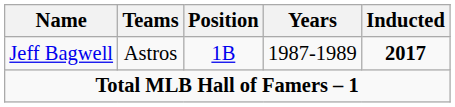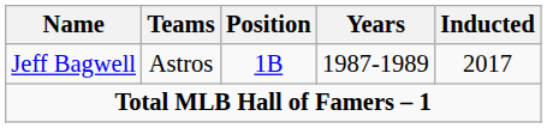 <table class="wikitable" style="text-align: center">
 <tr>
 <th>Name</th>
 <th>Teams</th>
 <th>Position</th>
 <th>Years</th>
 <th>Inducted</th>
 </tr>
 <tr>
 <td><a href='#'>Jeff Bagwell</a></td>
 <td>Astros</td>
 <td><a href='#'>1B</a></td>
 <td>1987-1989</td>
-<td><strong>2017</strong></td>
+<td>2017</td>
 </tr>
 <tr>
 <td colspan="5"><strong>Total MLB Hall of Famers – 1</strong></td>
 </tr>
 </table>
